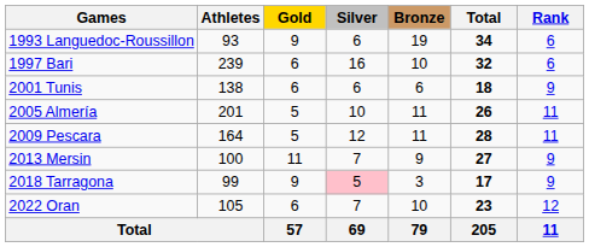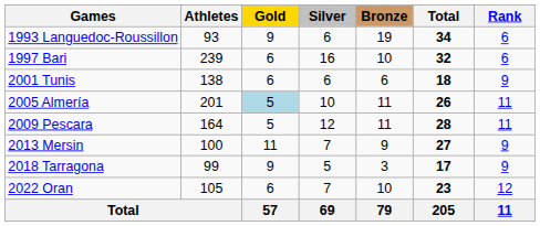 <table class="wikitable" style="text-align:center; font-size:90%;">
 <tr>
 <th>Games</th>
 <th>Athletes</th>
 <td style="background:gold; width:3.7em; font-weight:bold;">Gold</td>
 <td style="background:silver; width:3.7em; font-weight:bold;">Silver</td>
 <td style="background:#cc9966; width:3.7em; font-weight:bold;">Bronze</td>
 <th style="width:4em; font-weight:bold;">Total</th>
 <th style="width:4em; font-weight:bold;"><a href='#'>Rank</a></th>
 </tr>
 <tr>
 <td align=left> <a href='#'>1993 Languedoc-Roussillon</a></td>
 <td>93</td>
 <td>9</td>
 <td>6</td>
 <td>19</td>
 <td><strong>34</strong></td>
 <td><a href='#'>6</a></td>
 </tr>
 <tr>
 <td align=left> <a href='#'>1997 Bari</a></td>
 <td>239</td>
 <td>6</td>
 <td>16</td>
 <td>10</td>
 <td><strong>32</strong></td>
 <td><a href='#'>6</a></td>
 </tr>
 <tr>
 <td align=left> <a href='#'>2001 Tunis</a></td>
 <td>138</td>
 <td>6</td>
 <td>6</td>
 <td>6</td>
 <td><strong>18</strong></td>
 <td><a href='#'>9</a></td>
 </tr>
 <tr>
 <td align=left> <a href='#'>2005 Almería</a></td>
 <td>201</td>
-<td>5</td>
+<td style="background: lightblue;">5</td>
 <td>10</td>
 <td>11</td>
 <td><strong>26</strong></td>
 <td><a href='#'>11</a></td>
 </tr>
 <tr>
 <td align=left> <a href='#'>2009 Pescara</a></td>
 <td>164</td>
 <td>5</td>
 <td>12</td>
 <td>11</td>
 <td><strong>28</strong></td>
 <td><a href='#'>11</a></td>
 </tr>
 <tr>
 <td align=left> <a href='#'>2013 Mersin</a></td>
 <td>100</td>
 <td>11</td>
 <td>7</td>
 <td>9</td>
 <td><strong>27</strong></td>
 <td><a href='#'>9</a></td>
 </tr>
 <tr>
 <td align=left> <a href='#'>2018 Tarragona</a></td>
 <td>99</td>
 <td>9</td>
-<td style="background: pink;">5</td>
+<td>5</td>
 <td>3</td>
 <td><strong>17</strong></td>
 <td><a href='#'>9</a></td>
 </tr>
 <tr>
 <td align=left> <a href='#'>2022 Oran</a></td>
 <td>105</td>
 <td>6</td>
 <td>7</td>
 <td>10</td>
 <td><strong>23</strong></td>
 <td><a href='#'>12</a></td>
 </tr>
 <tr>
 <th colspan=2>Total</th>
 <th>57</th>
 <th>69</th>
 <th>79</th>
 <th>205</th>
 <th><a href='#'>11</a></th>
 </tr>
 </table>
